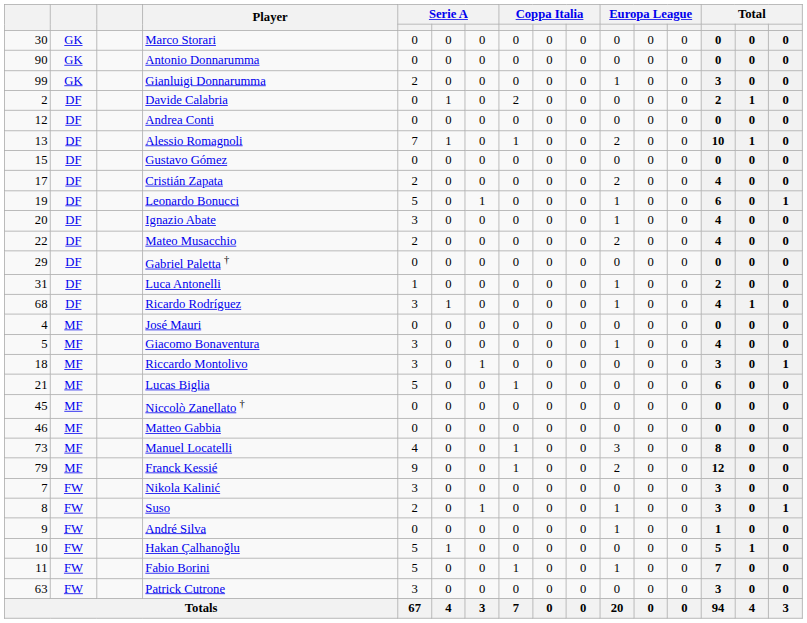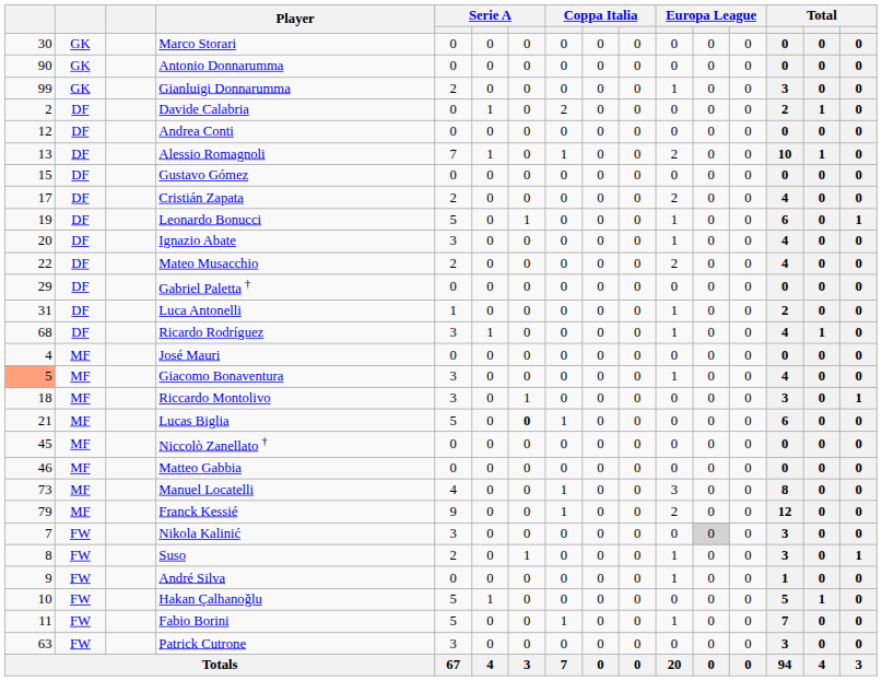 <table class="wikitable sortable" style="text-align:center" width=80%>
 <tr>
 <th rowspan="2" style="width:30px"></th>
 <th rowspan="2" style="width:30px"></th>
 <th rowspan="2" style="width:30px"></th>
 <th rowspan="2" style="width:200px">Player</th>
 <th colspan="3"><a href='#'>Serie A</a></th>
 <th colspan="3"><a href='#'>Coppa Italia</a></th>
 <th colspan="3"><a href='#'>Europa League</a></th>
 <th colspan="3">Total</th>
 </tr>
 <tr>
 <th style="width:20px"></th>
 <th style="width:20px"></th>
 <th style="width:20px"></th>
 <th style="width:20px"></th>
 <th style="width:20px"></th>
 <th style="width:20px"></th>
 <th style="width:20px"></th>
 <th style="width:20px"></th>
 <th style="width:20px"></th>
 <th style="width:20px"></th>
 <th style="width:20px"></th>
 <th style="width:20px"></th>
 </tr>
 <tr>
 <td style="text-align:right">30</td>
 <td><a href='#'>GK</a></td>
 <td></td>
 <td style="text-align:left"><a href='#'>Marco Storari</a></td>
 <td>0</td>
 <td>0</td>
 <td>0</td>
 <td>0</td>
 <td>0</td>
 <td>0</td>
 <td>0</td>
 <td>0</td>
 <td>0</td>
 <th>0</th>
 <th>0</th>
 <th>0</th>
 </tr>
 <tr>
 <td style="text-align:right">90</td>
 <td><a href='#'>GK</a></td>
 <td></td>
 <td style="text-align:left"><a href='#'>Antonio Donnarumma</a></td>
 <td>0</td>
 <td>0</td>
 <td>0</td>
 <td>0</td>
 <td>0</td>
 <td>0</td>
 <td>0</td>
 <td>0</td>
 <td>0</td>
 <th>0</th>
 <th>0</th>
 <th>0</th>
 </tr>
 <tr>
 <td style="text-align:right">99</td>
 <td><a href='#'>GK</a></td>
 <td></td>
 <td style="text-align:left"><a href='#'>Gianluigi Donnarumma</a></td>
 <td>2</td>
 <td>0</td>
 <td>0</td>
 <td>0</td>
 <td>0</td>
 <td>0</td>
 <td>1</td>
 <td>0</td>
 <td>0</td>
 <th>3</th>
 <th>0</th>
 <th>0</th>
 </tr>
 <tr>
 <td style="text-align:right">2</td>
 <td><a href='#'>DF</a></td>
 <td></td>
 <td style="text-align:left"><a href='#'>Davide Calabria</a></td>
 <td>0</td>
 <td>1</td>
 <td>0</td>
 <td>2</td>
 <td>0</td>
 <td>0</td>
 <td>0</td>
 <td>0</td>
 <td>0</td>
 <th>2</th>
 <th>1</th>
 <th>0</th>
 </tr>
 <tr>
 <td style="text-align:right">12</td>
 <td><a href='#'>DF</a></td>
 <td></td>
 <td style="text-align:left"><a href='#'>Andrea Conti</a></td>
 <td>0</td>
 <td>0</td>
 <td>0</td>
 <td>0</td>
 <td>0</td>
 <td>0</td>
 <td>0</td>
 <td>0</td>
 <td>0</td>
 <th>0</th>
 <th>0</th>
 <th>0</th>
 </tr>
 <tr>
 <td style="text-align:right">13</td>
 <td><a href='#'>DF</a></td>
 <td></td>
 <td style="text-align:left"><a href='#'>Alessio Romagnoli</a></td>
 <td>7</td>
 <td>1</td>
 <td>0</td>
 <td>1</td>
 <td>0</td>
 <td>0</td>
 <td>2</td>
 <td>0</td>
 <td>0</td>
 <th>10</th>
 <th>1</th>
 <th>0</th>
 </tr>
 <tr>
 <td style="text-align:right">15</td>
 <td><a href='#'>DF</a></td>
 <td></td>
 <td style="text-align:left"><a href='#'>Gustavo Gómez</a></td>
 <td>0</td>
 <td>0</td>
 <td>0</td>
 <td>0</td>
 <td>0</td>
 <td>0</td>
 <td>0</td>
 <td>0</td>
 <td>0</td>
 <th>0</th>
 <th>0</th>
 <th>0</th>
 </tr>
 <tr>
 <td style="text-align:right">17</td>
 <td><a href='#'>DF</a></td>
 <td></td>
 <td style="text-align:left"><a href='#'>Cristián Zapata</a></td>
 <td>2</td>
 <td>0</td>
 <td>0</td>
 <td>0</td>
 <td>0</td>
 <td>0</td>
 <td>2</td>
 <td>0</td>
 <td>0</td>
 <th>4</th>
 <th>0</th>
 <th>0</th>
 </tr>
 <tr>
 <td style="text-align:right">19</td>
 <td><a href='#'>DF</a></td>
 <td></td>
 <td style="text-align:left"><a href='#'>Leonardo Bonucci</a></td>
 <td>5</td>
 <td>0</td>
 <td>1</td>
 <td>0</td>
 <td>0</td>
 <td>0</td>
 <td>1</td>
 <td>0</td>
 <td>0</td>
 <th>6</th>
 <th>0</th>
 <th>1</th>
 </tr>
 <tr>
 <td style="text-align:right">20</td>
 <td><a href='#'>DF</a></td>
 <td></td>
 <td style="text-align:left"><a href='#'>Ignazio Abate</a></td>
 <td>3</td>
 <td>0</td>
 <td>0</td>
 <td>0</td>
 <td>0</td>
 <td>0</td>
 <td>1</td>
 <td>0</td>
 <td>0</td>
 <th>4</th>
 <th>0</th>
 <th>0</th>
 </tr>
 <tr>
 <td style="text-align:right">22</td>
 <td><a href='#'>DF</a></td>
 <td></td>
 <td style="text-align:left"><a href='#'>Mateo Musacchio</a></td>
 <td>2</td>
 <td>0</td>
 <td>0</td>
 <td>0</td>
 <td>0</td>
 <td>0</td>
 <td>2</td>
 <td>0</td>
 <td>0</td>
 <th>4</th>
 <th>0</th>
 <th>0</th>
 </tr>
 <tr>
 <td style="text-align:right">29</td>
 <td><a href='#'>DF</a></td>
 <td></td>
 <td style="text-align:left"><a href='#'>Gabriel Paletta</a> <sup>†</sup></td>
 <td>0</td>
 <td>0</td>
 <td>0</td>
 <td>0</td>
 <td>0</td>
 <td>0</td>
 <td>0</td>
 <td>0</td>
 <td>0</td>
 <th>0</th>
 <th>0</th>
 <th>0</th>
 </tr>
 <tr>
 <td style="text-align:right">31</td>
 <td><a href='#'>DF</a></td>
 <td></td>
 <td style="text-align:left"><a href='#'>Luca Antonelli</a></td>
 <td>1</td>
 <td>0</td>
 <td>0</td>
 <td>0</td>
 <td>0</td>
 <td>0</td>
 <td>1</td>
 <td>0</td>
 <td>0</td>
 <th>2</th>
 <th>0</th>
 <th>0</th>
 </tr>
 <tr>
 <td style="text-align:right">68</td>
 <td><a href='#'>DF</a></td>
 <td></td>
 <td style="text-align:left"><a href='#'>Ricardo Rodríguez</a></td>
 <td>3</td>
 <td>1</td>
 <td>0</td>
 <td>0</td>
 <td>0</td>
 <td>0</td>
 <td>1</td>
 <td>0</td>
 <td>0</td>
 <th>4</th>
 <th>1</th>
 <th>0</th>
 </tr>
 <tr>
 <td style="text-align:right">4</td>
 <td><a href='#'>MF</a></td>
 <td></td>
 <td style="text-align:left"><a href='#'>José Mauri</a></td>
 <td>0</td>
 <td>0</td>
 <td>0</td>
 <td>0</td>
 <td>0</td>
 <td>0</td>
 <td>0</td>
 <td>0</td>
 <td>0</td>
 <th>0</th>
 <th>0</th>
 <th>0</th>
 </tr>
 <tr>
-<td style="text-align:right">5</td>
+<td style="background: lightsalmon; text-align:right">5</td>
 <td><a href='#'>MF</a></td>
 <td></td>
 <td style="text-align:left"><a href='#'>Giacomo Bonaventura</a></td>
 <td>3</td>
 <td>0</td>
 <td>0</td>
 <td>0</td>
 <td>0</td>
 <td>0</td>
 <td>1</td>
 <td>0</td>
 <td>0</td>
 <th>4</th>
 <th>0</th>
 <th>0</th>
 </tr>
 <tr>
 <td style="text-align:right">18</td>
 <td><a href='#'>MF</a></td>
 <td></td>
 <td style="text-align:left"><a href='#'>Riccardo Montolivo</a></td>
 <td>3</td>
 <td>0</td>
 <td>1</td>
 <td>0</td>
 <td>0</td>
 <td>0</td>
 <td>0</td>
 <td>0</td>
 <td>0</td>
 <th>3</th>
 <th>0</th>
 <th>1</th>
 </tr>
 <tr>
 <td style="text-align:right">21</td>
 <td><a href='#'>MF</a></td>
 <td></td>
 <td style="text-align:left"><a href='#'>Lucas Biglia</a></td>
 <td>5</td>
 <td>0</td>
-<td>0</td>
+<td><strong>0</strong></td>
 <td>1</td>
 <td>0</td>
 <td>0</td>
 <td>0</td>
 <td>0</td>
 <td>0</td>
 <th>6</th>
 <th>0</th>
 <th>0</th>
 </tr>
 <tr>
 <td style="text-align:right">45</td>
 <td><a href='#'>MF</a></td>
 <td></td>
 <td style="text-align:left"><a href='#'>Niccolò Zanellato</a> <sup>†</sup></td>
 <td>0</td>
 <td>0</td>
 <td>0</td>
 <td>0</td>
 <td>0</td>
 <td>0</td>
 <td>0</td>
 <td>0</td>
 <td>0</td>
 <th>0</th>
 <th>0</th>
 <th>0</th>
 </tr>
 <tr>
 <td style="text-align:right">46</td>
 <td><a href='#'>MF</a></td>
 <td></td>
 <td style="text-align:left"><a href='#'>Matteo Gabbia</a></td>
 <td>0</td>
 <td>0</td>
 <td>0</td>
 <td>0</td>
 <td>0</td>
 <td>0</td>
 <td>0</td>
 <td>0</td>
 <td>0</td>
 <th>0</th>
 <th>0</th>
 <th>0</th>
 </tr>
 <tr>
 <td style="text-align:right">73</td>
 <td><a href='#'>MF</a></td>
 <td></td>
 <td style="text-align:left"><a href='#'>Manuel Locatelli</a></td>
 <td>4</td>
 <td>0</td>
 <td>0</td>
 <td>1</td>
 <td>0</td>
 <td>0</td>
 <td>3</td>
 <td>0</td>
 <td>0</td>
 <th>8</th>
 <th>0</th>
 <th>0</th>
 </tr>
 <tr>
 <td style="text-align:right">79</td>
 <td><a href='#'>MF</a></td>
 <td></td>
 <td style="text-align:left"><a href='#'>Franck Kessié</a></td>
 <td>9</td>
 <td>0</td>
 <td>0</td>
 <td>1</td>
 <td>0</td>
 <td>0</td>
 <td>2</td>
 <td>0</td>
 <td>0</td>
 <th>12</th>
 <th>0</th>
 <th>0</th>
 </tr>
 <tr>
 <td style="text-align:right">7</td>
 <td><a href='#'>FW</a></td>
 <td></td>
 <td style="text-align:left"><a href='#'>Nikola Kalinić</a></td>
 <td>3</td>
 <td>0</td>
 <td>0</td>
 <td>0</td>
 <td>0</td>
 <td>0</td>
 <td>0</td>
-<td>0</td>
+<td style="background: lightgrey;">0</td>
 <td>0</td>
 <th>3</th>
 <th>0</th>
 <th>0</th>
 </tr>
 <tr>
 <td style="text-align:right">8</td>
 <td><a href='#'>FW</a></td>
 <td></td>
 <td style="text-align:left"><a href='#'>Suso</a></td>
 <td>2</td>
 <td>0</td>
 <td>1</td>
 <td>0</td>
 <td>0</td>
 <td>0</td>
 <td>1</td>
 <td>0</td>
 <td>0</td>
 <th>3</th>
 <th>0</th>
 <th>1</th>
 </tr>
 <tr>
 <td style="text-align:right">9</td>
 <td><a href='#'>FW</a></td>
 <td></td>
 <td style="text-align:left"><a href='#'>André Silva</a></td>
 <td>0</td>
 <td>0</td>
 <td>0</td>
 <td>0</td>
 <td>0</td>
 <td>0</td>
 <td>1</td>
 <td>0</td>
 <td>0</td>
 <th>1</th>
 <th>0</th>
 <th>0</th>
 </tr>
 <tr>
 <td style="text-align:right">10</td>
 <td><a href='#'>FW</a></td>
 <td></td>
 <td style="text-align:left"><a href='#'>Hakan Çalhanoğlu</a></td>
 <td>5</td>
 <td>1</td>
 <td>0</td>
 <td>0</td>
 <td>0</td>
 <td>0</td>
 <td>0</td>
 <td>0</td>
 <td>0</td>
 <th>5</th>
 <th>1</th>
 <th>0</th>
 </tr>
 <tr>
 <td style="text-align:right">11</td>
 <td><a href='#'>FW</a></td>
 <td></td>
 <td style="text-align:left"><a href='#'>Fabio Borini</a></td>
 <td>5</td>
 <td>0</td>
 <td>0</td>
 <td>1</td>
 <td>0</td>
 <td>0</td>
 <td>1</td>
 <td>0</td>
 <td>0</td>
 <th>7</th>
 <th>0</th>
 <th>0</th>
 </tr>
 <tr>
 <td style="text-align:right">63</td>
 <td><a href='#'>FW</a></td>
 <td></td>
 <td style="text-align:left"><a href='#'>Patrick Cutrone</a></td>
 <td>3</td>
 <td>0</td>
 <td>0</td>
 <td>0</td>
 <td>0</td>
 <td>0</td>
 <td>0</td>
 <td>0</td>
 <td>0</td>
 <th>3</th>
 <th>0</th>
 <th>0</th>
 </tr>
 <tr class="sortbottom">
 <th colspan=4>Totals</th>
 <th>67</th>
 <th>4</th>
 <th>3</th>
 <th>7</th>
 <th>0</th>
 <th>0</th>
 <th>20</th>
 <th>0</th>
 <th>0</th>
 <th>94</th>
 <th>4</th>
 <th>3</th>
 </tr>
 </table>
